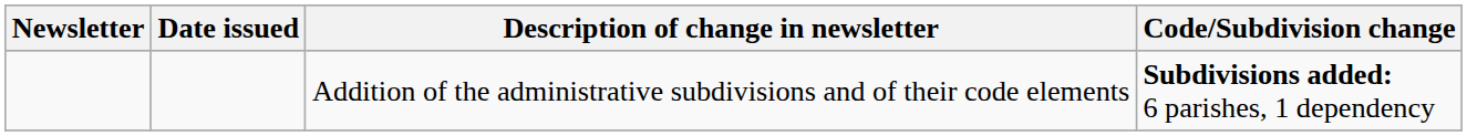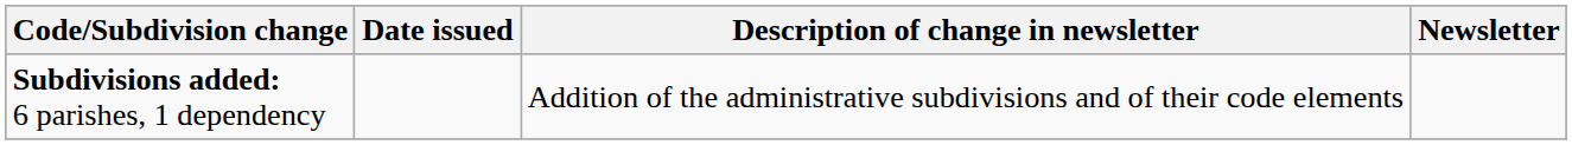 <table class="wikitable">
 <tr>
-<th>Newsletter</th>
+<th>Code/Subdivision change</th>
 <th>Date issued</th>
 <th>Description of change in newsletter</th>
-<th>Code/Subdivision change</th>
+<th>Newsletter</th>
 </tr>
 <tr>
-<td id="I-8"></td>
+<td style=white-space:nowrap><strong>Subdivisions added:</strong><br> 6 parishes, 1 dependency</td>
 <td></td>
 <td>Addition of the administrative subdivisions and of their code elements</td>
-<td style=white-space:nowrap><strong>Subdivisions added:</strong><br> 6 parishes, 1 dependency</td>
+<td id="I-8"></td>
 </tr>
 </table>
